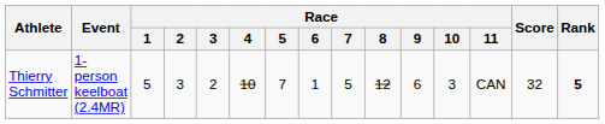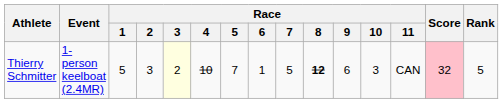 <table class=wikitable style="font-size:90%">
 <tr>
 <th rowspan="2">Athlete</th>
 <th rowspan="2">Event</th>
 <th colspan="11">Race</th>
 <th rowspan="2">Score</th>
 <th rowspan="2">Rank</th>
 </tr>
 <tr>
 <th width="40">1</th>
 <th width="40">2</th>
 <th width="40">3</th>
 <th width="40">4</th>
 <th width="40">5</th>
 <th width="40">6</th>
 <th width="40">7</th>
 <th width="40">8</th>
 <th width="40">9</th>
 <th width="40">10</th>
 <th width="40">11</th>
 </tr>
 <tr>
 <td><a href='#'>Thierry Schmitter</a></td>
 <td><a href='#'>1-person keelboat<br>(2.4MR)</a></td>
 <td align="center">5</td>
 <td align="center">3</td>
-<td align="center">2</td>
+<td align="center" style="background: lightyellow;">2</td>
 <td align="center"><s>10</s></td>
 <td align="center">7</td>
 <td align="center">1</td>
 <td align="center">5</td>
-<td align="center"><s>12</s></td>
+<td align="center"><strong><s>12</s></strong></td>
 <td align="center">6</td>
 <td align="center">3</td>
 <td align="center">CAN</td>
-<td align="center">32</td>
-<td align="center"><strong>5</strong></td>
+<td align="center" style="background: pink;">32</td>
+<td align="center">5</td>
 </tr>
 </table>
